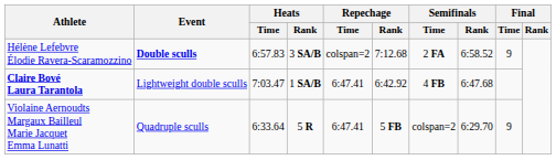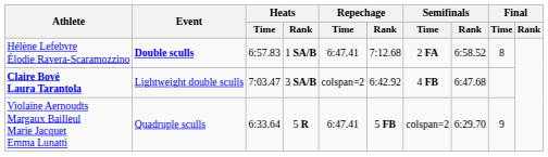 <table class="wikitable" style="font-size:90%">
 <tr>
 <th rowspan="2">Athlete</th>
 <th rowspan="2">Event</th>
 <th colspan="2">Heats</th>
 <th colspan="2">Repechage</th>
 <th colspan="2">Semifinals</th>
 <th colspan="2">Final</th>
 </tr>
 <tr style="font-size:95%">
 <th>Time</th>
 <th>Rank</th>
 <th>Time</th>
 <th>Rank</th>
 <th>Time</th>
 <th>Rank</th>
 <th>Time</th>
 <th>Rank</th>
 </tr>
 <tr align=center>
 <td align=left><a href='#'>Hélène Lefebvre</a><br><a href='#'>Élodie Ravera-Scaramozzino</a></td>
 <td align=left><strong><a href='#'>Double sculls</a></strong></td>
 <td>6:57.83</td>
-<td>3 <strong>SA/B</strong></td>
-<td>colspan=2 </td>
+<td>1 <strong>SA/B</strong></td>
+<td>6:47.41</td>
 <td>7:12.68</td>
 <td>2 <strong>FA</strong></td>
 <td>6:58.52</td>
-<td>9</td>
+<td>8</td>
 </tr>
 <tr align=center>
 <td align=left><strong><a href='#'>Claire Bové</a><br><a href='#'>Laura Tarantola</a></strong></td>
 <td align=left><a href='#'>Lightweight double sculls</a></td>
 <td>7:03.47</td>
-<td>1 <strong>SA/B</strong></td>
-<td>6:47.41</td>
+<td>3 <strong>SA/B</strong></td>
+<td>colspan=2 </td>
 <td>6:42.92</td>
 <td>4 <strong>FB</strong></td>
 <td>6:47.68</td>
 <td></td>
 </tr>
 <tr align=center>
 <td align=left><a href='#'>Violaine Aernoudts</a><br><a href='#'>Margaux Bailleul</a><br><a href='#'>Marie Jacquet</a><br><a href='#'>Emma Lunatti</a></td>
 <td align=left><a href='#'>Quadruple sculls</a></td>
 <td>6:33.64</td>
 <td>5 <strong>R</strong></td>
 <td>6:47.41</td>
 <td>5 <strong>FB</strong></td>
 <td>colspan=2 </td>
 <td>6:29.70</td>
 <td>9</td>
 </tr>
 </table>
